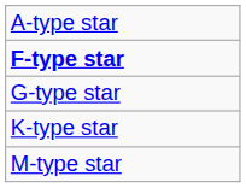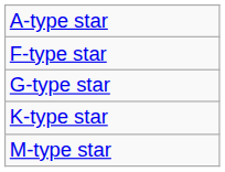 <table class="wikitable floatright" style="width: 170px;">
 <tr>
 <td style="background: "><a href='#'>A-type star</a></td>
 </tr>
 <tr>
-<td style="background: "><strong><a href='#'>F-type star</a></strong></td>
+<td style="background: "><a href='#'>F-type star</a></td>
 </tr>
 <tr>
 <td style="background: "><a href='#'>G-type star</a></td>
 </tr>
 <tr>
 <td style="background: "><a href='#'>K-type star</a></td>
 </tr>
 <tr>
 <td style="background: "><a href='#'>M-type star</a></td>
 </tr>
 </table>
